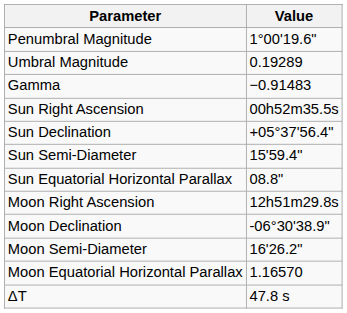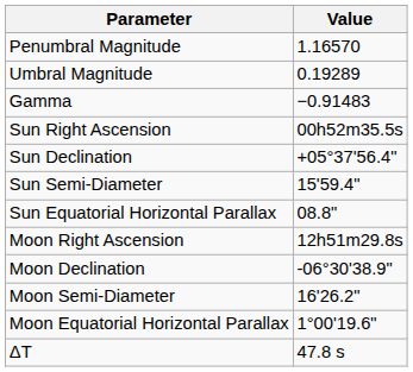 <table class="wikitable">
 <tr>
 <th>Parameter</th>
 <th>Value</th>
 </tr>
 <tr>
 <td>Penumbral Magnitude</td>
-<td>1°00'19.6"</td>
+<td>1.16570</td>
 </tr>
 <tr>
 <td>Umbral Magnitude</td>
 <td>0.19289</td>
 </tr>
 <tr>
 <td>Gamma</td>
 <td>−0.91483</td>
 </tr>
 <tr>
 <td>Sun Right Ascension</td>
 <td>00h52m35.5s</td>
 </tr>
 <tr>
 <td>Sun Declination</td>
 <td>+05°37'56.4"</td>
 </tr>
 <tr>
 <td>Sun Semi-Diameter</td>
 <td>15'59.4"</td>
 </tr>
 <tr>
 <td>Sun Equatorial Horizontal Parallax</td>
 <td>08.8"</td>
 </tr>
 <tr>
 <td>Moon Right Ascension</td>
 <td>12h51m29.8s</td>
 </tr>
 <tr>
 <td>Moon Declination</td>
 <td>-06°30'38.9"</td>
 </tr>
 <tr>
 <td>Moon Semi-Diameter</td>
 <td>16'26.2"</td>
 </tr>
 <tr>
 <td>Moon Equatorial Horizontal Parallax</td>
-<td>1.16570</td>
+<td>1°00'19.6"</td>
 </tr>
 <tr>
 <td>ΔT</td>
 <td>47.8 s</td>
 </tr>
 </table>
